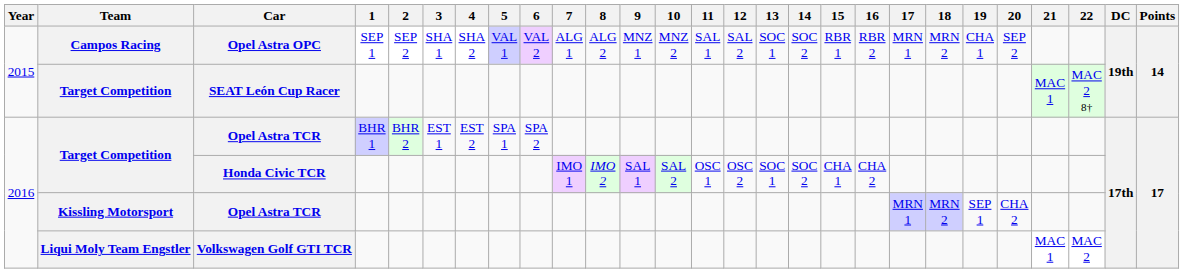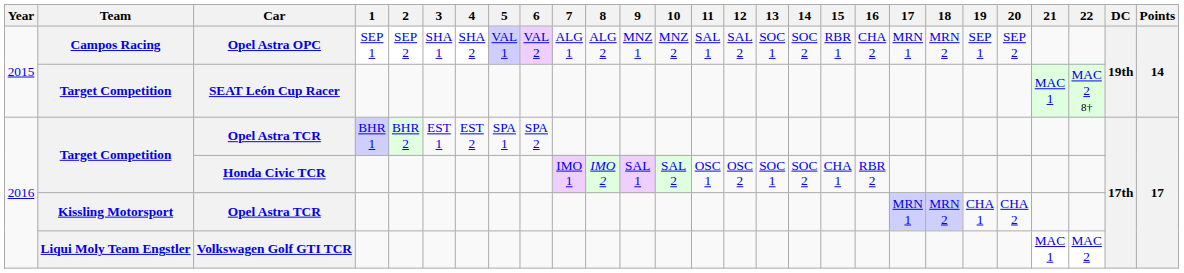 <table class="wikitable" style="text-align:center; font-size:85%">
 <tr>
 <th>Year</th>
 <th>Team</th>
 <th>Car</th>
 <th>1</th>
 <th>2</th>
 <th>3</th>
 <th>4</th>
 <th>5</th>
 <th>6</th>
 <th>7</th>
 <th>8</th>
 <th>9</th>
 <th>10</th>
 <th>11</th>
 <th>12</th>
 <th>13</th>
 <th>14</th>
 <th>15</th>
 <th>16</th>
 <th>17</th>
 <th>18</th>
 <th>19</th>
 <th>20</th>
 <th>21</th>
 <th>22</th>
 <th>DC</th>
 <th>Points</th>
 </tr>
 <tr>
 <td rowspan=2><a href='#'>2015</a></td>
 <th><a href='#'>Campos Racing</a></th>
 <th><a href='#'>Opel Astra OPC</a></th>
 <td style="background:#FFFFFF;"><a href='#'>SEP<br>1</a><br></td>
 <td style="background:#FFFFFF;"><a href='#'>SEP<br>2</a><br></td>
 <td style="background:#FFFFFF;"><a href='#'>SHA<br>1</a><br></td>
 <td style="background:#FFFFFF;"><a href='#'>SHA<br>2</a><br></td>
 <td style="background:#CFCFFF;"><a href='#'>VAL<br>1</a><br></td>
 <td style="background:#EFCFFF;"><a href='#'>VAL<br>2</a><br></td>
 <td><a href='#'>ALG<br>1</a></td>
 <td><a href='#'>ALG<br>2</a></td>
 <td><a href='#'>MNZ<br>1</a></td>
 <td><a href='#'>MNZ<br>2</a></td>
 <td><a href='#'>SAL<br>1</a></td>
 <td><a href='#'>SAL<br>2</a></td>
 <td><a href='#'>SOC<br>1</a></td>
 <td><a href='#'>SOC<br>2</a></td>
 <td><a href='#'>RBR<br>1</a></td>
-<td><a href='#'>RBR<br>2</a></td>
+<td><a href='#'>CHA<br>2</a></td>
 <td><a href='#'>MRN<br>1</a></td>
 <td><a href='#'>MRN<br>2</a></td>
-<td><a href='#'>CHA<br>1</a></td>
+<td><a href='#'>SEP<br>1</a></td>
 <td><a href='#'>SEP<br>2</a></td>
 <td></td>
 <td></td>
 <th rowspan=2>19th</th>
 <th rowspan=2>14</th>
 </tr>
 <tr>
 <th><a href='#'>Target Competition</a></th>
 <th><a href='#'>SEAT León Cup Racer</a></th>
 <td></td>
 <td></td>
 <td></td>
 <td></td>
 <td></td>
 <td></td>
 <td></td>
 <td></td>
 <td></td>
 <td></td>
 <td></td>
 <td></td>
 <td></td>
 <td></td>
 <td></td>
 <td></td>
 <td></td>
 <td></td>
 <td></td>
 <td></td>
 <td style="background:#DFFFDF;"><a href='#'>MAC<br>1</a><br></td>
 <td style="background:#DFFFDF;"><a href='#'>MAC<br>2</a><br><small>8†</small></td>
 </tr>
 <tr>
 <td rowspan=4><a href='#'>2016</a></td>
 <th rowspan=2><a href='#'>Target Competition</a></th>
 <th><a href='#'>Opel Astra TCR</a></th>
 <td style="background:#CFCFFF;"><a href='#'>BHR<br>1</a><br></td>
 <td style="background:#DFFFDF;"><a href='#'>BHR<br>2</a><br></td>
 <td><a href='#'>EST<br>1</a></td>
 <td><a href='#'>EST<br>2</a></td>
 <td><a href='#'>SPA<br>1</a></td>
 <td><a href='#'>SPA<br>2</a></td>
 <td></td>
 <td></td>
 <td></td>
 <td></td>
 <td></td>
 <td></td>
 <td></td>
 <td></td>
 <td></td>
 <td></td>
 <td></td>
 <td></td>
 <td></td>
 <td></td>
 <td></td>
 <td></td>
 <th rowspan=4>17th</th>
 <th rowspan=4>17</th>
 </tr>
 <tr>
 <th><a href='#'>Honda Civic TCR</a></th>
 <td></td>
 <td></td>
 <td></td>
 <td></td>
 <td></td>
 <td></td>
 <td style="background:#EFCFFF;"><a href='#'>IMO<br>1</a><br></td>
 <td style="background:#DFFFDF;"><em><a href='#'>IMO<br>2</a></em><br></td>
 <td style="background:#EFCFFF;"><a href='#'>SAL<br>1</a><br></td>
 <td style="background:#DFFFDF;"><a href='#'>SAL<br>2</a><br></td>
 <td><a href='#'>OSC<br>1</a></td>
 <td><a href='#'>OSC<br>2</a></td>
 <td><a href='#'>SOC<br>1</a></td>
 <td><a href='#'>SOC<br>2</a></td>
 <td><a href='#'>CHA<br>1</a></td>
-<td><a href='#'>CHA<br>2</a></td>
+<td><a href='#'>RBR<br>2</a></td>
 <td></td>
 <td></td>
 <td></td>
 <td></td>
 <td></td>
 <td></td>
 </tr>
 <tr>
 <th><a href='#'>Kissling Motorsport</a></th>
 <th><a href='#'>Opel Astra TCR</a></th>
 <td></td>
 <td></td>
 <td></td>
 <td></td>
 <td></td>
 <td></td>
 <td></td>
 <td></td>
 <td></td>
 <td></td>
 <td></td>
 <td></td>
 <td></td>
 <td></td>
 <td></td>
 <td></td>
 <td style="background:#CFCFFF;"><a href='#'>MRN<br>1</a><br></td>
 <td style="background:#CFCFFF;"><a href='#'>MRN<br>2</a><br></td>
-<td><a href='#'>SEP<br>1</a></td>
+<td><a href='#'>CHA<br>1</a></td>
 <td><a href='#'>CHA<br>2</a></td>
 <td></td>
 <td></td>
 </tr>
 <tr>
 <th><a href='#'>Liqui Moly Team Engstler</a></th>
 <th><a href='#'>Volkswagen Golf GTI TCR</a></th>
 <td></td>
 <td></td>
 <td></td>
 <td></td>
 <td></td>
 <td></td>
 <td></td>
 <td></td>
 <td></td>
 <td></td>
 <td></td>
 <td></td>
 <td></td>
 <td></td>
 <td></td>
 <td></td>
 <td></td>
 <td></td>
 <td></td>
 <td></td>
 <td style="background:#FFFFFF;"><a href='#'>MAC<br>1</a><br></td>
 <td style="background:#FFFFFF;"><a href='#'>MAC<br>2</a><br></td>
 </tr>
 </table>
